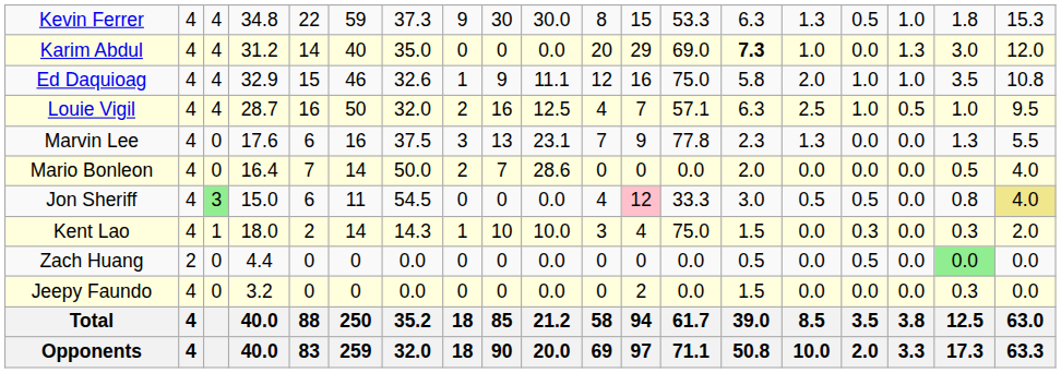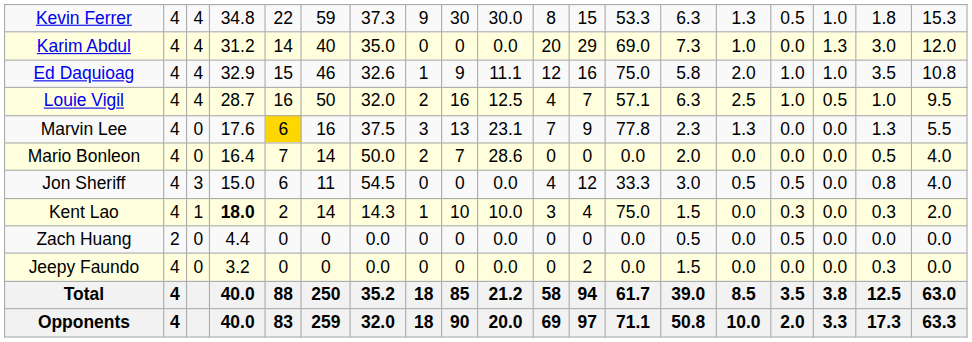 <table class=wikitable width=100%>
 <tr align=center>
 <td><a href='#'>Kevin Ferrer</a></td>
 <td>4</td>
 <td>4</td>
 <td style=>34.8</td>
 <td>22</td>
 <td>59</td>
 <td>37.3</td>
 <td>9</td>
 <td>30</td>
 <td style=>30.0</td>
 <td>8</td>
 <td>15</td>
 <td>53.3</td>
 <td>6.3</td>
 <td>1.3</td>
 <td>0.5</td>
 <td>1.0</td>
 <td>1.8</td>
 <td style=>15.3</td>
 </tr>
 <tr bgcolor=#ffffdd align=center>
 <td><a href='#'>Karim Abdul</a></td>
 <td>4</td>
 <td>4</td>
 <td>31.2</td>
 <td>14</td>
 <td>40</td>
 <td>35.0</td>
 <td>0</td>
 <td>0</td>
 <td>0.0</td>
 <td>20</td>
 <td>29</td>
 <td>69.0</td>
-<td style=><strong>7.3</strong></td>
+<td style=>7.3</td>
 <td>1.0</td>
 <td>0.0</td>
 <td style=>1.3</td>
 <td>3.0</td>
 <td>12.0</td>
 </tr>
 <tr align=center>
 <td><a href='#'>Ed Daquioag</a></td>
 <td>4</td>
 <td>4</td>
 <td>32.9</td>
 <td>15</td>
 <td>46</td>
 <td>32.6</td>
 <td>1</td>
 <td>9</td>
 <td>11.1</td>
 <td>12</td>
 <td>16</td>
 <td>75.0</td>
 <td>5.8</td>
 <td>2.0</td>
 <td style=>1.0</td>
 <td>1.0</td>
 <td>3.5</td>
 <td>10.8</td>
 </tr>
 <tr bgcolor=#ffffdd align=center>
 <td><a href='#'>Louie Vigil</a></td>
 <td>4</td>
 <td>4</td>
 <td>28.7</td>
 <td>16</td>
 <td>50</td>
 <td>32.0</td>
 <td>2</td>
 <td>16</td>
 <td>12.5</td>
 <td>4</td>
 <td>7</td>
 <td>57.1</td>
 <td>6.3</td>
 <td style=>2.5</td>
 <td style=>1.0</td>
 <td>0.5</td>
 <td>1.0</td>
 <td>9.5</td>
 </tr>
 <tr align=center>
 <td>Marvin Lee</td>
 <td>4</td>
 <td>0</td>
 <td>17.6</td>
-<td>6</td>
+<td style="background: gold;">6</td>
 <td>16</td>
 <td>37.5</td>
 <td>3</td>
 <td>13</td>
 <td>23.1</td>
 <td>7</td>
 <td>9</td>
 <td style=>77.8</td>
 <td>2.3</td>
 <td>1.3</td>
 <td>0.0</td>
 <td>0.0</td>
 <td>1.3</td>
 <td>5.5</td>
 </tr>
 <tr bgcolor=#ffffdd align=center>
 <td>Mario Bonleon</td>
 <td>4</td>
 <td>0</td>
 <td>16.4</td>
 <td>7</td>
 <td>14</td>
 <td>50.0</td>
 <td>2</td>
 <td>7</td>
 <td>28.6</td>
 <td>0</td>
 <td>0</td>
 <td>0.0</td>
 <td>2.0</td>
 <td>0.0</td>
 <td>0.0</td>
 <td>0.0</td>
 <td>0.5</td>
 <td>4.0</td>
 </tr>
 <tr align=center>
 <td>Jon Sheriff</td>
 <td>4</td>
-<td style="background: lightgreen;">3</td>
+<td>3</td>
 <td>15.0</td>
 <td>6</td>
 <td>11</td>
 <td style=>54.5</td>
 <td>0</td>
 <td>0</td>
 <td>0.0</td>
 <td>4</td>
-<td style="background: pink;">12</td>
+<td>12</td>
 <td>33.3</td>
 <td>3.0</td>
 <td>0.5</td>
 <td>0.5</td>
 <td>0.0</td>
 <td>0.8</td>
-<td style="background: khaki;">4.0</td>
+<td>4.0</td>
 </tr>
 <tr bgcolor=#ffffdd align=center>
 <td>Kent Lao</td>
 <td>4</td>
 <td>1</td>
-<td>18.0</td>
+<td><strong>18.0</strong></td>
 <td>2</td>
 <td>14</td>
 <td>14.3</td>
 <td>1</td>
 <td>10</td>
 <td>10.0</td>
 <td>3</td>
 <td>4</td>
 <td>75.0</td>
 <td>1.5</td>
 <td>0.0</td>
 <td>0.3</td>
 <td>0.0</td>
 <td>0.3</td>
 <td>2.0</td>
 </tr>
 <tr align=center>
 <td>Zach Huang</td>
 <td>2</td>
 <td>0</td>
 <td>4.4</td>
 <td>0</td>
 <td>0</td>
 <td>0.0</td>
 <td>0</td>
 <td>0</td>
 <td>0.0</td>
 <td>0</td>
 <td>0</td>
 <td>0.0</td>
 <td>0.5</td>
 <td>0.0</td>
 <td>0.5</td>
 <td>0.0</td>
-<td style="background: lightgreen;">0.0</td>
+<td>0.0</td>
 <td>0.0</td>
 </tr>
 <tr bgcolor=#ffffdd align=center>
 <td>Jeepy Faundo</td>
 <td>4</td>
 <td>0</td>
 <td>3.2</td>
 <td>0</td>
 <td>0</td>
 <td>0.0</td>
 <td>0</td>
 <td>0</td>
 <td>0.0</td>
 <td>0</td>
 <td>2</td>
 <td>0.0</td>
 <td>1.5</td>
 <td>0.0</td>
 <td>0.0</td>
 <td>0.0</td>
 <td>0.3</td>
 <td>0.0</td>
 </tr>
 <tr class=sortbottom>
 <th>Total</th>
 <th>4</th>
 <th></th>
 <th>40.0</th>
 <th>88</th>
 <th>250</th>
 <th>35.2</th>
 <th>18</th>
 <th>85</th>
 <th>21.2</th>
 <th>58</th>
 <th>94</th>
 <th>61.7</th>
 <th>39.0</th>
 <th>8.5</th>
 <th>3.5</th>
 <th>3.8</th>
 <th>12.5</th>
 <th>63.0</th>
 </tr>
 <tr class=sortbottom>
 <th>Opponents</th>
 <th>4</th>
 <th></th>
 <th>40.0</th>
 <th>83</th>
 <th>259</th>
 <th>32.0</th>
 <th>18</th>
 <th>90</th>
 <th>20.0</th>
 <th>69</th>
 <th>97</th>
 <th>71.1</th>
 <th>50.8</th>
 <th>10.0</th>
 <th>2.0</th>
 <th>3.3</th>
 <th>17.3</th>
 <th>63.3</th>
 </tr>
 </table>
